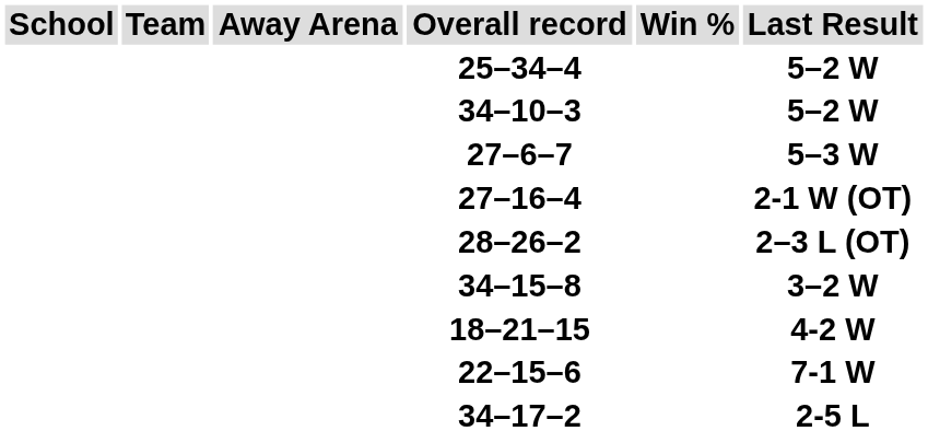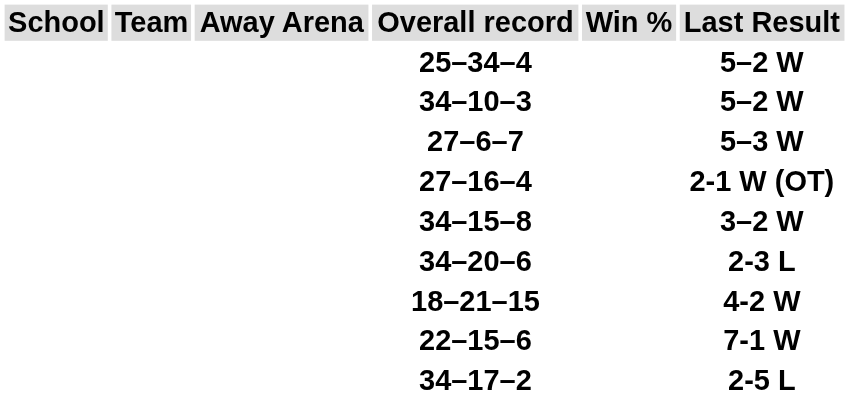 <table width="75%">
 <tr align="center"  bgcolor="#dddddd">
 <th>School</th>
 <th>Team</th>
 <th>Away Arena</th>
 <th>Overall record</th>
 <th>Win %</th>
 <th>Last Result</th>
 </tr>
 <tr align="center">
 <td><strong><a href='#'></a></strong></td>
 <td><strong><a href='#'></a></strong></td>
 <td><strong><a href='#'></a> </strong></td>
 <td><strong>25–34–4</strong></td>
 <td><strong></strong></td>
 <td><strong>5–2 W</strong></td>
 </tr>
 <tr align="center">
 <td><strong><a href='#'></a></strong></td>
 <td><strong><a href='#'></a></strong></td>
 <td><strong><a href='#'></a> </strong></td>
 <td><strong>34–10–3</strong></td>
 <td><strong></strong></td>
 <td><strong>5–2 W</strong></td>
 </tr>
 <tr align="center">
 <td><strong><a href='#'></a></strong></td>
 <td><strong><a href='#'></a></strong></td>
 <td><strong><a href='#'></a> </strong></td>
 <td><strong>27–6–7</strong></td>
 <td><strong></strong></td>
 <td><strong>5–3 W</strong></td>
 </tr>
 <tr align="center">
 <td><strong><a href='#'></a></strong></td>
 <td><strong><a href='#'></a></strong></td>
 <td><strong><a href='#'></a> </strong></td>
 <td><strong>27–16–4</strong></td>
 <td><strong></strong></td>
 <td><strong>2-1 W (OT)</strong></td>
 </tr>
 <tr align="center">
 <td><strong><a href='#'></a></strong></td>
 <td><strong><a href='#'></a></strong></td>
 <td><strong><a href='#'></a></strong></td>
-<td><strong>28–26–2</strong></td>
+<td><strong>34–15–8</strong></td>
 <td><strong></strong></td>
-<td><strong>2–3 L (OT)</strong></td>
+<td><strong>3–2 W</strong></td>
 </tr>
 <tr align="center">
 <td><strong><a href='#'></a></strong></td>
 <td><strong><a href='#'></a></strong></td>
 <td><strong><a href='#'></a></strong></td>
-<td><strong>34–15–8</strong></td>
+<td><strong>34–20–6</strong></td>
 <td><strong></strong></td>
-<td><strong>3–2 W</strong></td>
+<td><strong>2-3 L</strong></td>
 </tr>
 <tr align="center">
 <td><strong><a href='#'></a></strong></td>
 <td><strong><a href='#'></a></strong></td>
 <td><strong><a href='#'></a></strong></td>
 <td><strong>18–21–15</strong></td>
 <td><strong></strong></td>
 <td><strong>4-2 W</strong></td>
 </tr>
 <tr align="center">
 <td><strong><a href='#'></a></strong></td>
 <td><strong><a href='#'></a></strong></td>
 <td><strong><a href='#'></a></strong></td>
 <td><strong>22–15–6</strong></td>
 <td><strong></strong></td>
 <td><strong>7-1 W</strong></td>
 </tr>
 <tr align="center">
 <td><strong><a href='#'></a></strong></td>
 <td><strong><a href='#'></a></strong></td>
 <td><strong><a href='#'></a></strong></td>
 <td><strong>34–17–2</strong></td>
 <td><strong></strong></td>
 <td><strong>2-5 L</strong></td>
 </tr>
 </table>
